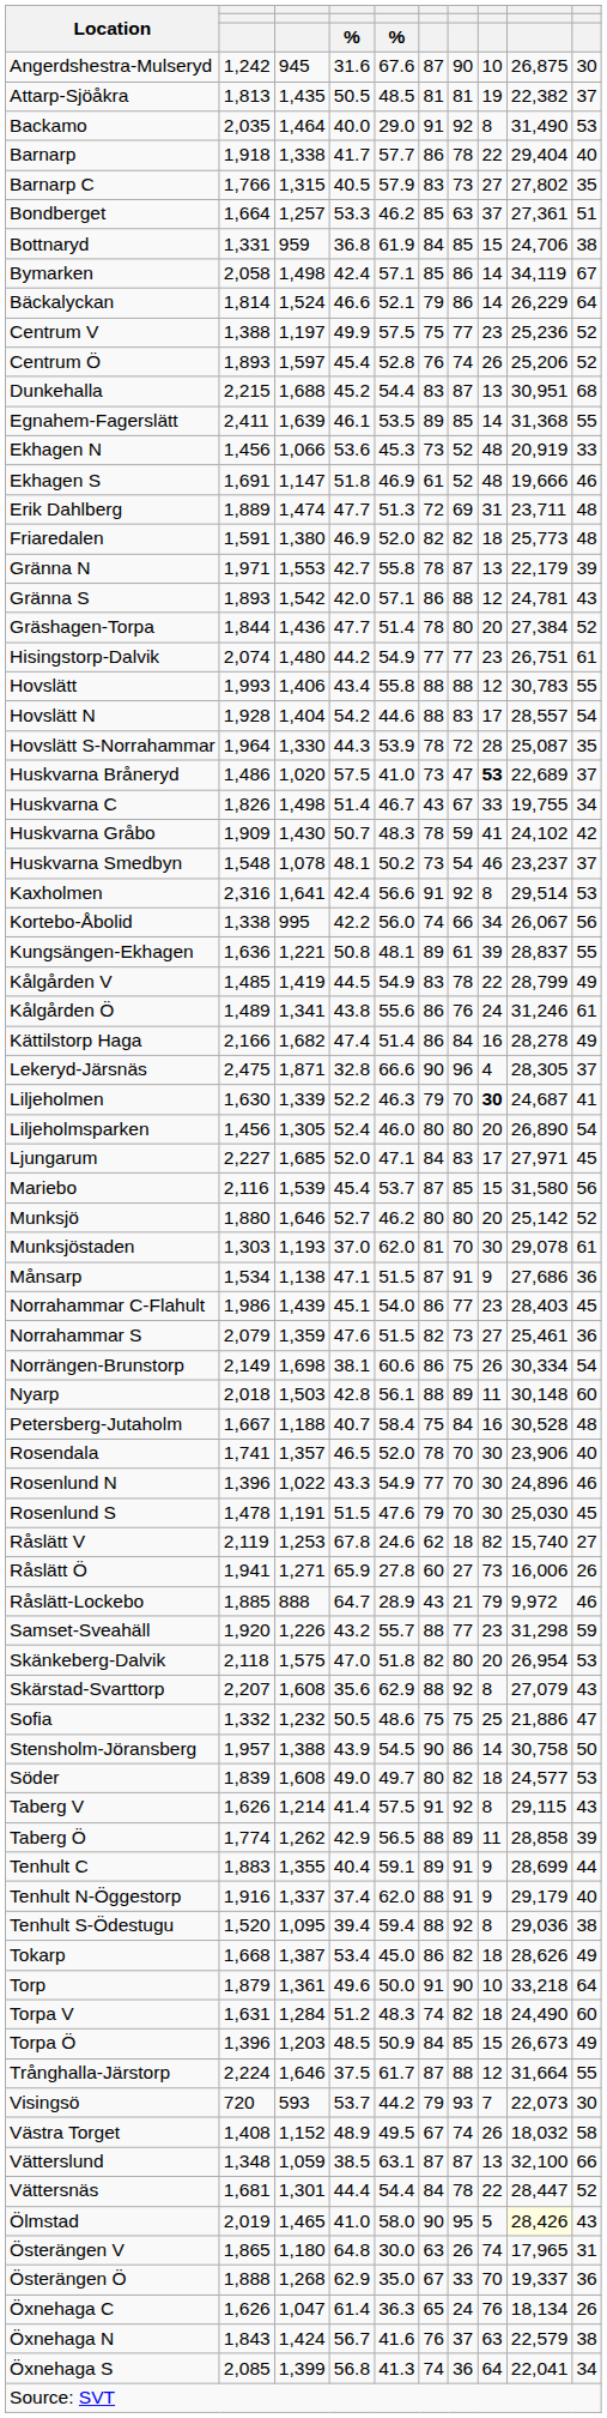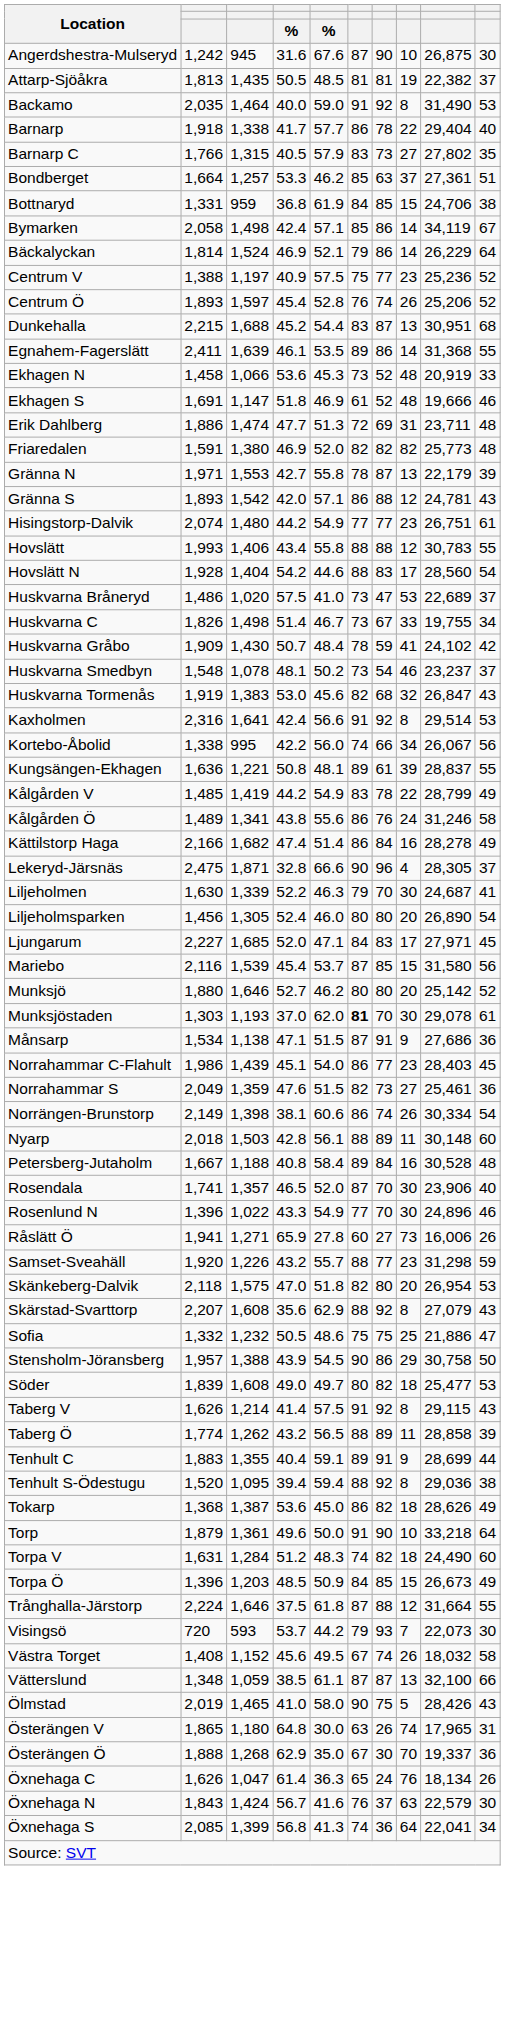 <table role="presentation" class="wikitable sortable mw-collapsible mw-collapsed">
 <tr>
 <th rowspan="3">Location</th>
 <th></th>
 <th></th>
 <th></th>
 <th></th>
 <th></th>
 <th></th>
 <th></th>
 <th></th>
 <th></th>
 </tr>
 <tr>
 <th></th>
 <th></th>
 <th style="background:"></th>
 <th style="background:"></th>
 <th></th>
 <th></th>
 <th></th>
 <th></th>
 <th></th>
 </tr>
 <tr>
 <th data-sort-type="number"></th>
 <th data-sort-type="number"></th>
 <th data-sort-type="number">%</th>
 <th data-sort-type="number">%</th>
 <th data-sort-type="number"></th>
 <th data-sort-type="number"></th>
 <th data-sort-type="number"></th>
 <th data-sort-type="number"></th>
 <th data-sort-type="number"></th>
 </tr>
 <tr>
 <td align="left">Angerdshestra-Mulseryd</td>
 <td>1,242</td>
 <td>945</td>
 <td>31.6</td>
 <td>67.6</td>
 <td>87</td>
 <td>90</td>
 <td>10</td>
 <td>26,875</td>
 <td>30</td>
 </tr>
 <tr>
 <td align="left">Attarp-Sjöåkra</td>
 <td>1,813</td>
 <td>1,435</td>
 <td>50.5</td>
 <td>48.5</td>
 <td>81</td>
 <td>81</td>
 <td>19</td>
 <td>22,382</td>
 <td>37</td>
 </tr>
 <tr>
 <td align="left">Backamo</td>
 <td>2,035</td>
 <td>1,464</td>
 <td>40.0</td>
-<td>29.0</td>
+<td>59.0</td>
 <td>91</td>
 <td>92</td>
 <td>8</td>
 <td>31,490</td>
 <td>53</td>
 </tr>
 <tr>
 <td align="left">Barnarp</td>
 <td>1,918</td>
 <td>1,338</td>
 <td>41.7</td>
 <td>57.7</td>
 <td>86</td>
 <td>78</td>
 <td>22</td>
 <td>29,404</td>
 <td>40</td>
 </tr>
 <tr>
 <td align="left">Barnarp C</td>
 <td>1,766</td>
 <td>1,315</td>
 <td>40.5</td>
 <td>57.9</td>
 <td>83</td>
 <td>73</td>
 <td>27</td>
 <td>27,802</td>
 <td>35</td>
 </tr>
 <tr>
 <td align="left">Bondberget</td>
 <td>1,664</td>
 <td>1,257</td>
 <td>53.3</td>
 <td>46.2</td>
 <td>85</td>
 <td>63</td>
 <td>37</td>
 <td>27,361</td>
 <td>51</td>
 </tr>
 <tr>
 <td align="left">Bottnaryd</td>
 <td>1,331</td>
 <td>959</td>
 <td>36.8</td>
 <td>61.9</td>
 <td>84</td>
 <td>85</td>
 <td>15</td>
 <td>24,706</td>
 <td>38</td>
 </tr>
 <tr>
 <td align="left">Bymarken</td>
 <td>2,058</td>
 <td>1,498</td>
 <td>42.4</td>
 <td>57.1</td>
 <td>85</td>
 <td>86</td>
 <td>14</td>
 <td>34,119</td>
 <td>67</td>
 </tr>
 <tr>
 <td align="left">Bäckalyckan</td>
 <td>1,814</td>
 <td>1,524</td>
-<td>46.6</td>
+<td>46.9</td>
 <td>52.1</td>
 <td>79</td>
 <td>86</td>
 <td>14</td>
 <td>26,229</td>
 <td>64</td>
 </tr>
 <tr>
 <td align="left">Centrum V</td>
 <td>1,388</td>
 <td>1,197</td>
-<td>49.9</td>
+<td>40.9</td>
 <td>57.5</td>
 <td>75</td>
 <td>77</td>
 <td>23</td>
 <td>25,236</td>
 <td>52</td>
 </tr>
 <tr>
 <td align="left">Centrum Ö</td>
 <td>1,893</td>
 <td>1,597</td>
 <td>45.4</td>
 <td>52.8</td>
 <td>76</td>
 <td>74</td>
 <td>26</td>
 <td>25,206</td>
 <td>52</td>
 </tr>
 <tr>
 <td align="left">Dunkehalla</td>
 <td>2,215</td>
 <td>1,688</td>
 <td>45.2</td>
 <td>54.4</td>
 <td>83</td>
 <td>87</td>
 <td>13</td>
 <td>30,951</td>
 <td>68</td>
 </tr>
 <tr>
 <td align="left">Egnahem-Fagerslätt</td>
 <td>2,411</td>
 <td>1,639</td>
 <td>46.1</td>
 <td>53.5</td>
 <td>89</td>
-<td>85</td>
+<td>86</td>
 <td>14</td>
 <td>31,368</td>
 <td>55</td>
 </tr>
 <tr>
 <td align="left">Ekhagen N</td>
-<td>1,456</td>
+<td>1,458</td>
 <td>1,066</td>
 <td>53.6</td>
 <td>45.3</td>
 <td>73</td>
 <td>52</td>
 <td>48</td>
 <td>20,919</td>
 <td>33</td>
 </tr>
 <tr>
 <td align="left">Ekhagen S</td>
 <td>1,691</td>
 <td>1,147</td>
 <td>51.8</td>
 <td>46.9</td>
 <td>61</td>
 <td>52</td>
 <td>48</td>
 <td>19,666</td>
 <td>46</td>
 </tr>
 <tr>
 <td align="left">Erik Dahlberg</td>
-<td>1,889</td>
+<td>1,886</td>
 <td>1,474</td>
 <td>47.7</td>
 <td>51.3</td>
 <td>72</td>
 <td>69</td>
 <td>31</td>
 <td>23,711</td>
 <td>48</td>
 </tr>
 <tr>
 <td align="left">Friaredalen</td>
 <td>1,591</td>
 <td>1,380</td>
 <td>46.9</td>
 <td>52.0</td>
 <td>82</td>
 <td>82</td>
-<td>18</td>
+<td>82</td>
 <td>25,773</td>
 <td>48</td>
 </tr>
 <tr>
 <td align="left">Gränna N</td>
 <td>1,971</td>
 <td>1,553</td>
 <td>42.7</td>
 <td>55.8</td>
 <td>78</td>
 <td>87</td>
 <td>13</td>
 <td>22,179</td>
 <td>39</td>
 </tr>
 <tr>
 <td align="left">Gränna S</td>
 <td>1,893</td>
 <td>1,542</td>
 <td>42.0</td>
 <td>57.1</td>
 <td>86</td>
 <td>88</td>
 <td>12</td>
 <td>24,781</td>
 <td>43</td>
-</tr>
-<tr>
-<td align="left">Gräshagen-Torpa</td>
-<td>1,844</td>
-<td>1,436</td>
-<td>47.7</td>
-<td>51.4</td>
-<td>78</td>
-<td>80</td>
-<td>20</td>
-<td>27,384</td>
-<td>52</td>
 </tr>
 <tr>
 <td align="left">Hisingstorp-Dalvik</td>
 <td>2,074</td>
 <td>1,480</td>
 <td>44.2</td>
 <td>54.9</td>
 <td>77</td>
 <td>77</td>
 <td>23</td>
 <td>26,751</td>
 <td>61</td>
 </tr>
 <tr>
 <td align="left">Hovslätt</td>
 <td>1,993</td>
 <td>1,406</td>
 <td>43.4</td>
 <td>55.8</td>
 <td>88</td>
 <td>88</td>
 <td>12</td>
 <td>30,783</td>
 <td>55</td>
 </tr>
 <tr>
 <td align="left">Hovslätt N</td>
 <td>1,928</td>
 <td>1,404</td>
 <td>54.2</td>
 <td>44.6</td>
 <td>88</td>
 <td>83</td>
 <td>17</td>
-<td>28,557</td>
+<td>28,560</td>
 <td>54</td>
-</tr>
-<tr>
-<td align="left">Hovslätt S-Norrahammar</td>
-<td>1,964</td>
-<td>1,330</td>
-<td>44.3</td>
-<td>53.9</td>
-<td>78</td>
-<td>72</td>
-<td>28</td>
-<td>25,087</td>
-<td>35</td>
 </tr>
 <tr>
 <td align="left">Huskvarna Bråneryd</td>
 <td>1,486</td>
 <td>1,020</td>
 <td>57.5</td>
 <td>41.0</td>
 <td>73</td>
 <td>47</td>
-<td><strong>53</strong></td>
+<td>53</td>
 <td>22,689</td>
 <td>37</td>
 </tr>
 <tr>
 <td align="left">Huskvarna C</td>
 <td>1,826</td>
 <td>1,498</td>
 <td>51.4</td>
 <td>46.7</td>
-<td>43</td>
+<td>73</td>
 <td>67</td>
 <td>33</td>
 <td>19,755</td>
 <td>34</td>
 </tr>
 <tr>
 <td align="left">Huskvarna Gråbo</td>
 <td>1,909</td>
 <td>1,430</td>
 <td>50.7</td>
-<td>48.3</td>
+<td>48.4</td>
 <td>78</td>
 <td>59</td>
 <td>41</td>
 <td>24,102</td>
 <td>42</td>
 </tr>
 <tr>
 <td align="left">Huskvarna Smedbyn</td>
 <td>1,548</td>
 <td>1,078</td>
 <td>48.1</td>
 <td>50.2</td>
 <td>73</td>
 <td>54</td>
 <td>46</td>
 <td>23,237</td>
 <td>37</td>
+</tr>
+<tr>
+<td align="left">Huskvarna Tormenås</td>
+<td>1,919</td>
+<td>1,383</td>
+<td>53.0</td>
+<td>45.6</td>
+<td>82</td>
+<td>68</td>
+<td>32</td>
+<td>26,847</td>
+<td>43</td>
 </tr>
 <tr>
 <td align="left">Kaxholmen</td>
 <td>2,316</td>
 <td>1,641</td>
 <td>42.4</td>
 <td>56.6</td>
 <td>91</td>
 <td>92</td>
 <td>8</td>
 <td>29,514</td>
 <td>53</td>
 </tr>
 <tr>
 <td align="left">Kortebo-Åbolid</td>
 <td>1,338</td>
 <td>995</td>
 <td>42.2</td>
 <td>56.0</td>
 <td>74</td>
 <td>66</td>
 <td>34</td>
 <td>26,067</td>
 <td>56</td>
 </tr>
 <tr>
 <td align="left">Kungsängen-Ekhagen</td>
 <td>1,636</td>
 <td>1,221</td>
 <td>50.8</td>
 <td>48.1</td>
 <td>89</td>
 <td>61</td>
 <td>39</td>
 <td>28,837</td>
 <td>55</td>
 </tr>
 <tr>
 <td align="left">Kålgården V</td>
 <td>1,485</td>
 <td>1,419</td>
-<td>44.5</td>
+<td>44.2</td>
 <td>54.9</td>
 <td>83</td>
 <td>78</td>
 <td>22</td>
 <td>28,799</td>
 <td>49</td>
 </tr>
 <tr>
 <td align="left">Kålgården Ö</td>
 <td>1,489</td>
 <td>1,341</td>
 <td>43.8</td>
 <td>55.6</td>
 <td>86</td>
 <td>76</td>
 <td>24</td>
 <td>31,246</td>
-<td>61</td>
+<td>58</td>
 </tr>
 <tr>
 <td align="left">Kättilstorp Haga</td>
 <td>2,166</td>
 <td>1,682</td>
 <td>47.4</td>
 <td>51.4</td>
 <td>86</td>
 <td>84</td>
 <td>16</td>
 <td>28,278</td>
 <td>49</td>
 </tr>
 <tr>
 <td align="left">Lekeryd-Järsnäs</td>
 <td>2,475</td>
 <td>1,871</td>
 <td>32.8</td>
 <td>66.6</td>
 <td>90</td>
 <td>96</td>
 <td>4</td>
 <td>28,305</td>
 <td>37</td>
 </tr>
 <tr>
 <td align="left">Liljeholmen</td>
 <td>1,630</td>
 <td>1,339</td>
 <td>52.2</td>
 <td>46.3</td>
 <td>79</td>
 <td>70</td>
-<td><strong>30</strong></td>
+<td>30</td>
 <td>24,687</td>
 <td>41</td>
 </tr>
 <tr>
 <td align="left">Liljeholmsparken</td>
 <td>1,456</td>
 <td>1,305</td>
 <td>52.4</td>
 <td>46.0</td>
 <td>80</td>
 <td>80</td>
 <td>20</td>
 <td>26,890</td>
 <td>54</td>
 </tr>
 <tr>
 <td align="left">Ljungarum</td>
 <td>2,227</td>
 <td>1,685</td>
 <td>52.0</td>
 <td>47.1</td>
 <td>84</td>
 <td>83</td>
 <td>17</td>
 <td>27,971</td>
 <td>45</td>
 </tr>
 <tr>
 <td align="left">Mariebo</td>
 <td>2,116</td>
 <td>1,539</td>
 <td>45.4</td>
 <td>53.7</td>
 <td>87</td>
 <td>85</td>
 <td>15</td>
 <td>31,580</td>
 <td>56</td>
 </tr>
 <tr>
 <td align="left">Munksjö</td>
 <td>1,880</td>
 <td>1,646</td>
 <td>52.7</td>
 <td>46.2</td>
 <td>80</td>
 <td>80</td>
 <td>20</td>
 <td>25,142</td>
 <td>52</td>
 </tr>
 <tr>
 <td align="left">Munksjöstaden</td>
 <td>1,303</td>
 <td>1,193</td>
 <td>37.0</td>
 <td>62.0</td>
-<td>81</td>
+<td><strong>81</strong></td>
 <td>70</td>
 <td>30</td>
 <td>29,078</td>
 <td>61</td>
 </tr>
 <tr>
 <td align="left">Månsarp</td>
 <td>1,534</td>
 <td>1,138</td>
 <td>47.1</td>
 <td>51.5</td>
 <td>87</td>
 <td>91</td>
 <td>9</td>
 <td>27,686</td>
 <td>36</td>
 </tr>
 <tr>
 <td align="left">Norrahammar C-Flahult</td>
 <td>1,986</td>
 <td>1,439</td>
 <td>45.1</td>
 <td>54.0</td>
 <td>86</td>
 <td>77</td>
 <td>23</td>
 <td>28,403</td>
 <td>45</td>
 </tr>
 <tr>
 <td align="left">Norrahammar S</td>
-<td>2,079</td>
+<td>2,049</td>
 <td>1,359</td>
 <td>47.6</td>
 <td>51.5</td>
 <td>82</td>
 <td>73</td>
 <td>27</td>
 <td>25,461</td>
 <td>36</td>
 </tr>
 <tr>
 <td align="left">Norrängen-Brunstorp</td>
 <td>2,149</td>
-<td>1,698</td>
+<td>1,398</td>
 <td>38.1</td>
 <td>60.6</td>
 <td>86</td>
-<td>75</td>
+<td>74</td>
 <td>26</td>
 <td>30,334</td>
 <td>54</td>
 </tr>
 <tr>
 <td align="left">Nyarp</td>
 <td>2,018</td>
 <td>1,503</td>
 <td>42.8</td>
 <td>56.1</td>
 <td>88</td>
 <td>89</td>
 <td>11</td>
 <td>30,148</td>
 <td>60</td>
 </tr>
 <tr>
 <td align="left">Petersberg-Jutaholm</td>
 <td>1,667</td>
 <td>1,188</td>
-<td>40.7</td>
+<td>40.8</td>
 <td>58.4</td>
-<td>75</td>
+<td>89</td>
 <td>84</td>
 <td>16</td>
 <td>30,528</td>
 <td>48</td>
 </tr>
 <tr>
 <td align="left">Rosendala</td>
 <td>1,741</td>
 <td>1,357</td>
 <td>46.5</td>
 <td>52.0</td>
-<td>78</td>
+<td>87</td>
 <td>70</td>
 <td>30</td>
 <td>23,906</td>
 <td>40</td>
 </tr>
 <tr>
 <td align="left">Rosenlund N</td>
 <td>1,396</td>
 <td>1,022</td>
 <td>43.3</td>
 <td>54.9</td>
 <td>77</td>
 <td>70</td>
 <td>30</td>
 <td>24,896</td>
 <td>46</td>
 </tr>
 <tr>
-<td align="left">Rosenlund S</td>
-<td>1,478</td>
-<td>1,191</td>
-<td>51.5</td>
-<td>47.6</td>
-<td>79</td>
-<td>70</td>
-<td>30</td>
-<td>25,030</td>
-<td>45</td>
-</tr>
-<tr>
-<td align="left">Råslätt V</td>
-<td>2,119</td>
-<td>1,253</td>
-<td>67.8</td>
-<td>24.6</td>
-<td>62</td>
-<td>18</td>
-<td>82</td>
-<td>15,740</td>
-<td>27</td>
-</tr>
-<tr>
 <td align="left">Råslätt Ö</td>
 <td>1,941</td>
 <td>1,271</td>
 <td>65.9</td>
 <td>27.8</td>
 <td>60</td>
 <td>27</td>
 <td>73</td>
 <td>16,006</td>
 <td>26</td>
-</tr>
-<tr>
-<td align="left">Råslätt-Lockebo</td>
-<td>1,885</td>
-<td>888</td>
-<td>64.7</td>
-<td>28.9</td>
-<td>43</td>
-<td>21</td>
-<td>79</td>
-<td>9,972</td>
-<td>46</td>
 </tr>
 <tr>
 <td align="left">Samset-Sveahäll</td>
 <td>1,920</td>
 <td>1,226</td>
 <td>43.2</td>
 <td>55.7</td>
 <td>88</td>
 <td>77</td>
 <td>23</td>
 <td>31,298</td>
 <td>59</td>
 </tr>
 <tr>
 <td align="left">Skänkeberg-Dalvik</td>
 <td>2,118</td>
 <td>1,575</td>
 <td>47.0</td>
 <td>51.8</td>
 <td>82</td>
 <td>80</td>
 <td>20</td>
 <td>26,954</td>
 <td>53</td>
 </tr>
 <tr>
 <td align="left">Skärstad-Svarttorp</td>
 <td>2,207</td>
 <td>1,608</td>
 <td>35.6</td>
 <td>62.9</td>
 <td>88</td>
 <td>92</td>
 <td>8</td>
 <td>27,079</td>
 <td>43</td>
 </tr>
 <tr>
 <td align="left">Sofia</td>
 <td>1,332</td>
 <td>1,232</td>
 <td>50.5</td>
 <td>48.6</td>
 <td>75</td>
 <td>75</td>
 <td>25</td>
 <td>21,886</td>
 <td>47</td>
 </tr>
 <tr>
 <td align="left">Stensholm-Jöransberg</td>
 <td>1,957</td>
 <td>1,388</td>
 <td>43.9</td>
 <td>54.5</td>
 <td>90</td>
 <td>86</td>
-<td>14</td>
+<td>29</td>
 <td>30,758</td>
 <td>50</td>
 </tr>
 <tr>
 <td align="left">Söder</td>
 <td>1,839</td>
 <td>1,608</td>
 <td>49.0</td>
 <td>49.7</td>
 <td>80</td>
 <td>82</td>
 <td>18</td>
-<td>24,577</td>
+<td>25,477</td>
 <td>53</td>
 </tr>
 <tr>
 <td align="left">Taberg V</td>
 <td>1,626</td>
 <td>1,214</td>
 <td>41.4</td>
 <td>57.5</td>
 <td>91</td>
 <td>92</td>
 <td>8</td>
 <td>29,115</td>
 <td>43</td>
 </tr>
 <tr>
 <td align="left">Taberg Ö</td>
 <td>1,774</td>
 <td>1,262</td>
-<td>42.9</td>
+<td>43.2</td>
 <td>56.5</td>
 <td>88</td>
 <td>89</td>
 <td>11</td>
 <td>28,858</td>
 <td>39</td>
 </tr>
 <tr>
 <td align="left">Tenhult C</td>
 <td>1,883</td>
 <td>1,355</td>
 <td>40.4</td>
 <td>59.1</td>
 <td>89</td>
 <td>91</td>
 <td>9</td>
 <td>28,699</td>
 <td>44</td>
 </tr>
 <tr>
-<td align="left">Tenhult N-Öggestorp</td>
-<td>1,916</td>
-<td>1,337</td>
-<td>37.4</td>
-<td>62.0</td>
-<td>88</td>
-<td>91</td>
-<td>9</td>
-<td>29,179</td>
-<td>40</td>
-</tr>
-<tr>
 <td align="left">Tenhult S-Ödestugu</td>
 <td>1,520</td>
 <td>1,095</td>
 <td>39.4</td>
 <td>59.4</td>
 <td>88</td>
 <td>92</td>
 <td>8</td>
 <td>29,036</td>
 <td>38</td>
 </tr>
 <tr>
 <td align="left">Tokarp</td>
-<td>1,668</td>
+<td>1,368</td>
 <td>1,387</td>
-<td>53.4</td>
+<td>53.6</td>
 <td>45.0</td>
 <td>86</td>
 <td>82</td>
 <td>18</td>
 <td>28,626</td>
 <td>49</td>
 </tr>
 <tr>
 <td align="left">Torp</td>
 <td>1,879</td>
 <td>1,361</td>
 <td>49.6</td>
 <td>50.0</td>
 <td>91</td>
 <td>90</td>
 <td>10</td>
 <td>33,218</td>
 <td>64</td>
 </tr>
 <tr>
 <td align="left">Torpa V</td>
 <td>1,631</td>
 <td>1,284</td>
 <td>51.2</td>
 <td>48.3</td>
 <td>74</td>
 <td>82</td>
 <td>18</td>
 <td>24,490</td>
 <td>60</td>
 </tr>
 <tr>
 <td align="left">Torpa Ö</td>
 <td>1,396</td>
 <td>1,203</td>
 <td>48.5</td>
 <td>50.9</td>
 <td>84</td>
 <td>85</td>
 <td>15</td>
 <td>26,673</td>
 <td>49</td>
 </tr>
 <tr>
 <td align="left">Trånghalla-Järstorp</td>
 <td>2,224</td>
 <td>1,646</td>
 <td>37.5</td>
-<td>61.7</td>
+<td>61.8</td>
 <td>87</td>
 <td>88</td>
 <td>12</td>
 <td>31,664</td>
 <td>55</td>
 </tr>
 <tr>
 <td align="left">Visingsö</td>
 <td>720</td>
 <td>593</td>
 <td>53.7</td>
 <td>44.2</td>
 <td>79</td>
 <td>93</td>
 <td>7</td>
 <td>22,073</td>
 <td>30</td>
 </tr>
 <tr>
 <td align="left">Västra Torget</td>
 <td>1,408</td>
 <td>1,152</td>
-<td>48.9</td>
+<td>45.6</td>
 <td>49.5</td>
 <td>67</td>
 <td>74</td>
 <td>26</td>
 <td>18,032</td>
 <td>58</td>
 </tr>
 <tr>
 <td align="left">Vätterslund</td>
 <td>1,348</td>
 <td>1,059</td>
 <td>38.5</td>
-<td>63.1</td>
+<td>61.1</td>
 <td>87</td>
 <td>87</td>
 <td>13</td>
 <td>32,100</td>
 <td>66</td>
-</tr>
-<tr>
-<td align="left">Vättersnäs</td>
-<td>1,681</td>
-<td>1,301</td>
-<td>44.4</td>
-<td>54.4</td>
-<td>84</td>
-<td>78</td>
-<td>22</td>
-<td>28,447</td>
-<td>52</td>
 </tr>
 <tr>
 <td align="left">Ölmstad</td>
 <td>2,019</td>
 <td>1,465</td>
 <td>41.0</td>
 <td>58.0</td>
 <td>90</td>
-<td>95</td>
+<td>75</td>
 <td>5</td>
-<td style="background: lightyellow;">28,426</td>
+<td>28,426</td>
 <td>43</td>
 </tr>
 <tr>
 <td align="left">Österängen V</td>
 <td>1,865</td>
 <td>1,180</td>
 <td>64.8</td>
 <td>30.0</td>
 <td>63</td>
 <td>26</td>
 <td>74</td>
 <td>17,965</td>
 <td>31</td>
 </tr>
 <tr>
 <td align="left">Österängen Ö</td>
 <td>1,888</td>
 <td>1,268</td>
 <td>62.9</td>
 <td>35.0</td>
 <td>67</td>
-<td>33</td>
+<td>30</td>
 <td>70</td>
 <td>19,337</td>
 <td>36</td>
 </tr>
 <tr>
 <td align="left">Öxnehaga C</td>
 <td>1,626</td>
 <td>1,047</td>
 <td>61.4</td>
 <td>36.3</td>
 <td>65</td>
 <td>24</td>
 <td>76</td>
 <td>18,134</td>
 <td>26</td>
 </tr>
 <tr>
 <td align="left">Öxnehaga N</td>
 <td>1,843</td>
 <td>1,424</td>
 <td>56.7</td>
 <td>41.6</td>
 <td>76</td>
 <td>37</td>
 <td>63</td>
 <td>22,579</td>
-<td>38</td>
+<td>30</td>
 </tr>
 <tr>
 <td align="left">Öxnehaga S</td>
 <td>2,085</td>
 <td>1,399</td>
 <td>56.8</td>
 <td>41.3</td>
 <td>74</td>
 <td>36</td>
 <td>64</td>
 <td>22,041</td>
 <td>34</td>
 </tr>
 <tr>
 <td colspan="10" align="left">Source: <a href='#'>SVT</a></td>
 </tr>
 </table>
